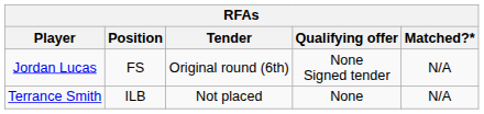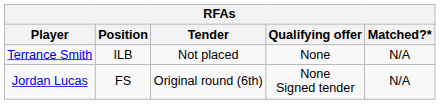 <table class="wikitable" style="text-align:center">
 <tr>
 <th colspan=5>RFAs</th>
 </tr>
 <tr>
 <th>Player</th>
 <th>Position</th>
 <th>Tender</th>
 <th>Qualifying offer</th>
 <th>Matched?*</th>
 </tr>
 <tr>
+<td><a href='#'>Terrance Smith</a></td>
+<td>ILB</td>
+<td>Not placed</td>
+<td>None</td>
+<td>N/A</td>
+</tr>
+<tr>
 <td><a href='#'>Jordan Lucas</a></td>
 <td>FS</td>
 <td>Original round (6th)</td>
 <td>None<br>Signed tender</td>
 <td>N/A</td>
 </tr>
-<tr>
-<td><a href='#'>Terrance Smith</a></td>
-<td>ILB</td>
-<td>Not placed</td>
-<td>None</td>
-<td>N/A</td>
-</tr>
 </table>
